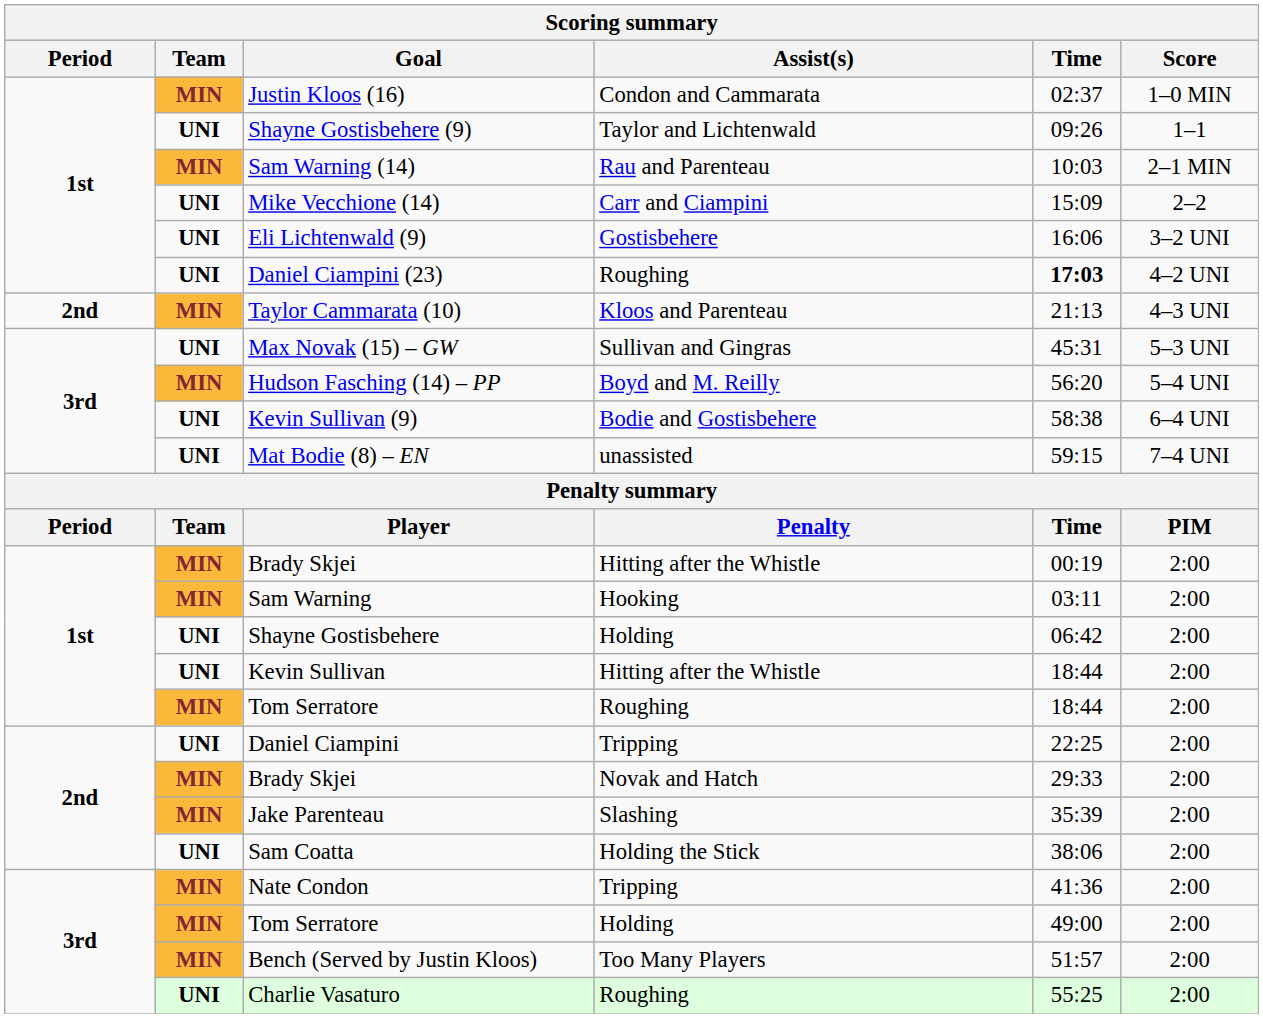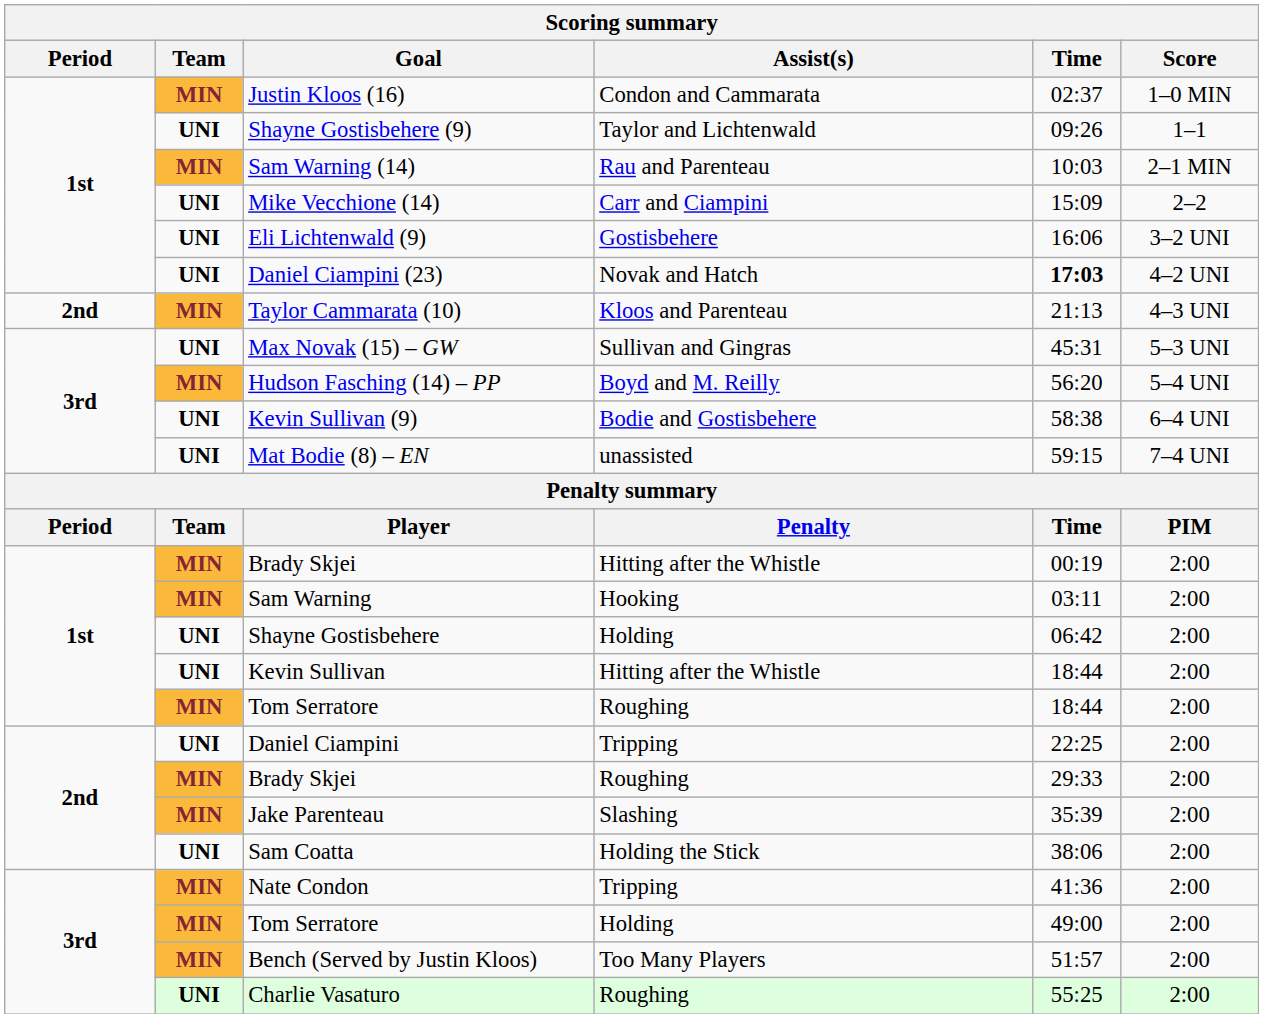 <table style="width:100%;" class="wikitable">
 <tr>
 <th colspan=6>Scoring summary</th>
 </tr>
 <tr>
 <th style="width:12%;">Period</th>
 <th style="width:7%;">Team</th>
 <th style="width:28%;">Goal</th>
 <th style="width:35%;">Assist(s)</th>
 <th style="width:7%;">Time</th>
 <th style="width:11%;">Score</th>
 </tr>
 <tr>
 <td style="text-align:center;" rowspan="6"><strong>1st</strong></td>
 <td align=center style="color:#862334; background:#FBB93C; "><strong>MIN</strong></td>
 <td><a href='#'>Justin Kloos</a> (16)</td>
 <td>Condon and Cammarata</td>
 <td align=center>02:37</td>
 <td align=center>1–0 MIN</td>
 </tr>
 <tr>
 <td align=center><strong>UNI</strong></td>
 <td><a href='#'>Shayne Gostisbehere</a> (9)</td>
 <td>Taylor and Lichtenwald</td>
 <td align=center>09:26</td>
 <td align=center>1–1</td>
 </tr>
 <tr>
 <td align=center style="color:#862334; background:#FBB93C; "><strong>MIN</strong></td>
 <td><a href='#'>Sam Warning</a> (14)</td>
 <td><a href='#'>Rau</a> and Parenteau</td>
 <td align=center>10:03</td>
 <td align=center>2–1 MIN</td>
 </tr>
 <tr>
 <td align=center><strong>UNI</strong></td>
 <td><a href='#'>Mike Vecchione</a> (14)</td>
 <td><a href='#'>Carr</a> and <a href='#'>Ciampini</a></td>
 <td align=center>15:09</td>
 <td align=center>2–2</td>
 </tr>
 <tr>
 <td align=center><strong>UNI</strong></td>
 <td><a href='#'>Eli Lichtenwald</a> (9)</td>
 <td><a href='#'>Gostisbehere</a></td>
 <td align=center>16:06</td>
 <td align=center>3–2 UNI</td>
 </tr>
 <tr>
 <td align=center><strong>UNI</strong></td>
 <td><a href='#'>Daniel Ciampini</a> (23)</td>
-<td>Roughing</td>
+<td>Novak and Hatch</td>
 <td align=center><strong>17:03</strong></td>
 <td align=center>4–2 UNI</td>
 </tr>
 <tr>
 <td style="text-align:center;" rowspan="1"><strong>2nd</strong></td>
 <td align=center style="color:#862334; background:#FBB93C; "><strong>MIN</strong></td>
 <td><a href='#'>Taylor Cammarata</a> (10)</td>
 <td><a href='#'>Kloos</a> and Parenteau</td>
 <td align=center>21:13</td>
 <td align=center>4–3 UNI</td>
 </tr>
 <tr>
 <td style="text-align:center;" rowspan="4"><strong>3rd</strong></td>
 <td align=center><strong>UNI</strong></td>
 <td><a href='#'>Max Novak</a> (15) – <em>GW</em></td>
 <td>Sullivan and Gingras</td>
 <td align=center>45:31</td>
 <td align=center>5–3 UNI</td>
 </tr>
 <tr>
 <td align=center style="color:#862334; background:#FBB93C; "><strong>MIN</strong></td>
 <td><a href='#'>Hudson Fasching</a> (14) – <em>PP</em></td>
 <td><a href='#'>Boyd</a> and <a href='#'>M. Reilly</a></td>
 <td align=center>56:20</td>
 <td align=center>5–4 UNI</td>
 </tr>
 <tr>
 <td align=center><strong>UNI</strong></td>
 <td><a href='#'>Kevin Sullivan</a> (9)</td>
 <td><a href='#'>Bodie</a> and <a href='#'>Gostisbehere</a></td>
 <td align=center>58:38</td>
 <td align=center>6–4 UNI</td>
 </tr>
 <tr>
 <td align=center><strong>UNI</strong></td>
 <td><a href='#'>Mat Bodie</a> (8) – <em>EN</em></td>
 <td>unassisted</td>
 <td align=center>59:15</td>
 <td align=center>7–4 UNI</td>
 </tr>
 <tr>
 <th colspan=6>Penalty summary</th>
 </tr>
 <tr>
 <th style="width:12%;">Period</th>
 <th style="width:7%;">Team</th>
 <th style="width:28%;">Player</th>
 <th style="width:35%;"><a href='#'>Penalty</a></th>
 <th style="width:7%;">Time</th>
 <th style="width:11%;">PIM</th>
 </tr>
 <tr>
 <td style="text-align:center;" rowspan="5"><strong>1st</strong></td>
 <td align=center style="color:#862334; background:#FBB93C; "><strong>MIN</strong></td>
 <td>Brady Skjei</td>
 <td>Hitting after the Whistle</td>
 <td align=center>00:19</td>
 <td align=center>2:00</td>
 </tr>
 <tr>
 <td align=center style="color:#862334; background:#FBB93C; "><strong>MIN</strong></td>
 <td>Sam Warning</td>
 <td>Hooking</td>
 <td align=center>03:11</td>
 <td align=center>2:00</td>
 </tr>
 <tr>
 <td align=center><strong>UNI</strong></td>
 <td>Shayne Gostisbehere</td>
 <td>Holding</td>
 <td align=center>06:42</td>
 <td align=center>2:00</td>
 </tr>
 <tr>
 <td align=center><strong>UNI</strong></td>
 <td>Kevin Sullivan</td>
 <td>Hitting after the Whistle</td>
 <td align=center>18:44</td>
 <td align=center>2:00</td>
 </tr>
 <tr>
 <td align=center style="color:#862334; background:#FBB93C; "><strong>MIN</strong></td>
 <td>Tom Serratore</td>
 <td>Roughing</td>
 <td align=center>18:44</td>
 <td align=center>2:00</td>
 </tr>
 <tr>
 <td style="text-align:center;" rowspan="4"><strong>2nd</strong></td>
 <td align=center><strong>UNI</strong></td>
 <td>Daniel Ciampini</td>
 <td>Tripping</td>
 <td align=center>22:25</td>
 <td align=center>2:00</td>
 </tr>
 <tr>
 <td align=center style="color:#862334; background:#FBB93C; "><strong>MIN</strong></td>
 <td>Brady Skjei</td>
-<td>Novak and Hatch</td>
+<td>Roughing</td>
 <td align=center>29:33</td>
 <td align=center>2:00</td>
 </tr>
 <tr>
 <td align=center style="color:#862334; background:#FBB93C; "><strong>MIN</strong></td>
 <td>Jake Parenteau</td>
 <td>Slashing</td>
 <td align=center>35:39</td>
 <td align=center>2:00</td>
 </tr>
 <tr>
 <td align=center><strong>UNI</strong></td>
 <td>Sam Coatta</td>
 <td>Holding the Stick</td>
 <td align=center>38:06</td>
 <td align=center>2:00</td>
 </tr>
 <tr>
 <td style="text-align:center;" rowspan="4"><strong>3rd</strong></td>
 <td align=center style="color:#862334; background:#FBB93C; "><strong>MIN</strong></td>
 <td>Nate Condon</td>
 <td>Tripping</td>
 <td align=center>41:36</td>
 <td align=center>2:00</td>
 </tr>
 <tr>
 <td align=center style="color:#862334; background:#FBB93C; "><strong>MIN</strong></td>
 <td>Tom Serratore</td>
 <td>Holding</td>
 <td align=center>49:00</td>
 <td align=center>2:00</td>
 </tr>
 <tr>
 <td align=center style="color:#862334; background:#FBB93C; "><strong>MIN</strong></td>
 <td>Bench (Served by Justin Kloos)</td>
 <td>Too Many Players</td>
 <td align=center>51:57</td>
 <td align=center>2:00</td>
 </tr>
 <tr bgcolor=ddffdd>
 <td align=center><strong>UNI</strong></td>
 <td>Charlie Vasaturo</td>
 <td>Roughing</td>
 <td align=center>55:25</td>
 <td align=center>2:00</td>
 </tr>
 <tr>
 </tr>
 </table>
